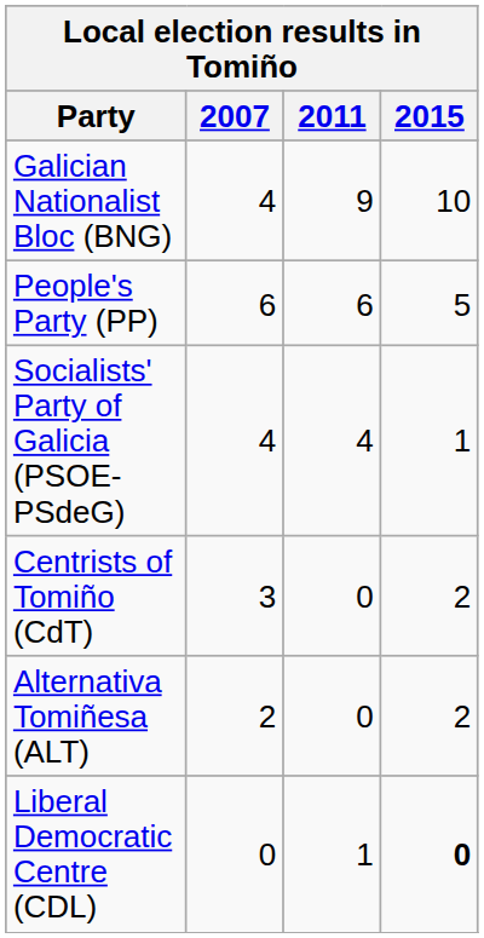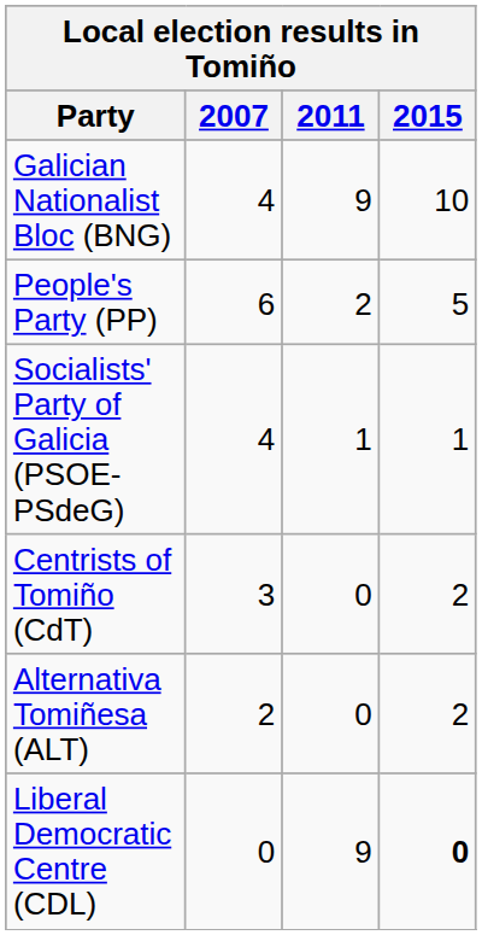 <table class="wikitable" style="font-size: 95%;">
 <tr>
 <th colspan="17">Local election results in Tomiño</th>
 </tr>
 <tr>
 <th style="width: 80px">Party</th>
 <th style="width: 40px"><a href='#'>2007</a></th>
 <th style="width: 40px"><a href='#'>2011</a></th>
 <th style="width: 40px"><a href='#'>2015</a></th>
 </tr>
 <tr>
 <td><a href='#'>Galician Nationalist Bloc</a> (BNG)</td>
 <td align="right">4</td>
 <td align="right">9</td>
 <td align="right">10</td>
 </tr>
 <tr>
 <td><a href='#'>People's Party</a> (PP)</td>
 <td align="right">6</td>
-<td align="right">6</td>
+<td align="right">2</td>
 <td align="right">5</td>
 </tr>
 <tr>
 <td><a href='#'>Socialists' Party of Galicia</a> (PSOE-PSdeG)</td>
 <td align="right">4</td>
-<td align="right">4</td>
+<td align="right">1</td>
 <td align="right">1</td>
 </tr>
 <tr>
 <td><a href='#'>Centrists of Tomiño</a> (CdT)</td>
 <td align="right">3</td>
 <td align="right">0</td>
 <td align="right">2</td>
 </tr>
 <tr>
 <td><a href='#'>Alternativa Tomiñesa</a> (ALT)</td>
 <td align="right">2</td>
 <td align="right">0</td>
 <td align="right">2</td>
 </tr>
 <tr>
 <td><a href='#'>Liberal Democratic Centre</a> (CDL)</td>
 <td align="right">0</td>
-<td align="right">1</td>
+<td align="right">9</td>
 <td align="right"><strong>0</strong></td>
 </tr>
 <tr>
 </tr>
 <tr style="background-color:#E9E9E9">
 </tr>
 <tr>
 </tr>
 </table>
